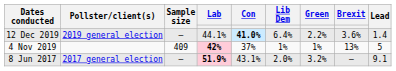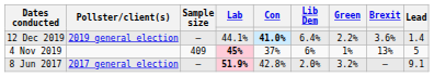 <table class="wikitable sortable mw-datatable" style="text-align:center;line-height:14px;">
 <tr>
 <th rowspan="2">Dates<br>conducted</th>
 <th rowspan="2">Pollster/client(s)</th>
 <th rowspan="2" data-sort-type="number">Sample<br>size</th>
 <th class="unsortable" style="width:50px;"><a href='#'>Lab</a></th>
 <th class="unsortable" style="width:50px;"><a href='#'>Con</a></th>
 <th class="unsortable" style="width:50px;"><a href='#'>Lib Dem</a></th>
 <th class="unsortable" style="width:50px;"><a href='#'>Green</a></th>
 <th class="unsortable" style="width:50px;"><a href='#'>Brexit</a></th>
 <th rowspan="2" data-sort-type="number">Lead</th>
 </tr>
 <tr>
 <th data-sort-type="number" style="background:"></th>
 <th data-sort-type="number" style="background:"></th>
 <th data-sort-type="number" style="background:"></th>
 <th data-sort-type="number" style="background:"></th>
 <th data-sort-type="number" style="background:"></th>
 </tr>
 <tr style="background:#E9E9E9;">
 <td data-sort-value="2017-06-08">12 Dec 2019</td>
 <td><a href='#'>2019 general election</a></td>
 <td>–</td>
 <td>44.1%</td>
 <td style="background:#CCEBFF;"><strong>41.0%</strong></td>
 <td>6.4%</td>
 <td>2.2%</td>
 <td>3.6%</td>
 <td style="background:">1.4</td>
 </tr>
 <tr>
 <td data-sort-value="2019-11-4">4 Nov 2019</td>
 <td></td>
 <td>409</td>
-<td style="background:#FFCCD9;"><strong>42%</strong></td>
+<td style="background:#FFCCD9;"><strong>45%</strong></td>
 <td>37%</td>
-<td>1%</td>
+<td>6%</td>
 <td>1%</td>
 <td>13%</td>
 <td style="background:">5</td>
 </tr>
 <tr style="background:#E9E9E9;">
 <td data-sort-value="2017-06-08">8 Jun 2017</td>
 <td><a href='#'>2017 general election</a></td>
 <td>–</td>
 <td style="background:#FFCCD9;"><strong>51.9%</strong></td>
-<td>43.1%</td>
+<td>42.8%</td>
 <td>2.0%</td>
 <td>3.2%</td>
 <td>–</td>
 <td style="background:">9.1</td>
 </tr>
 </table>
